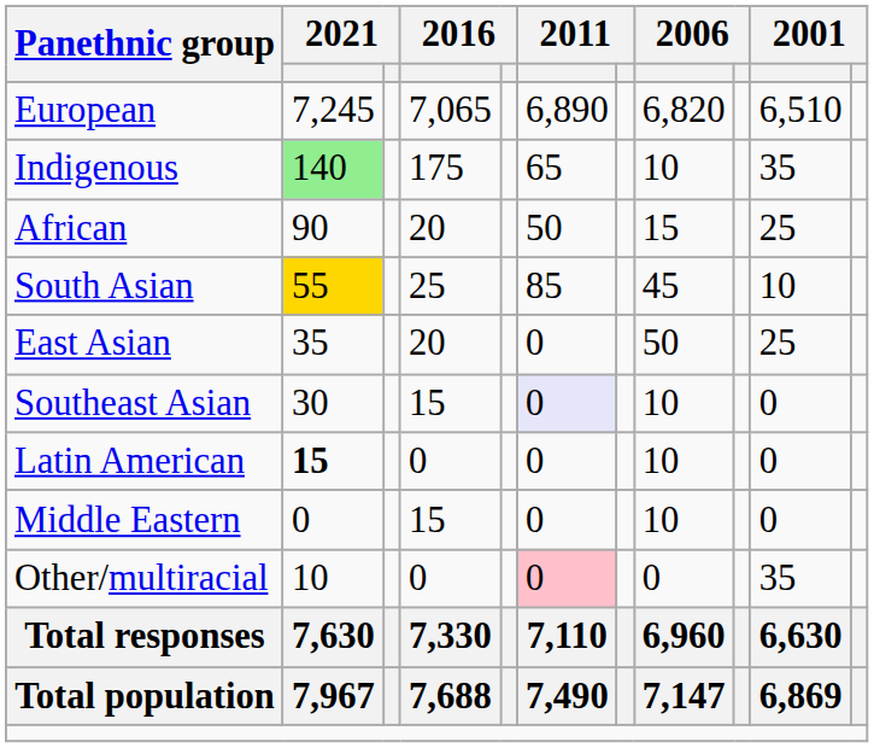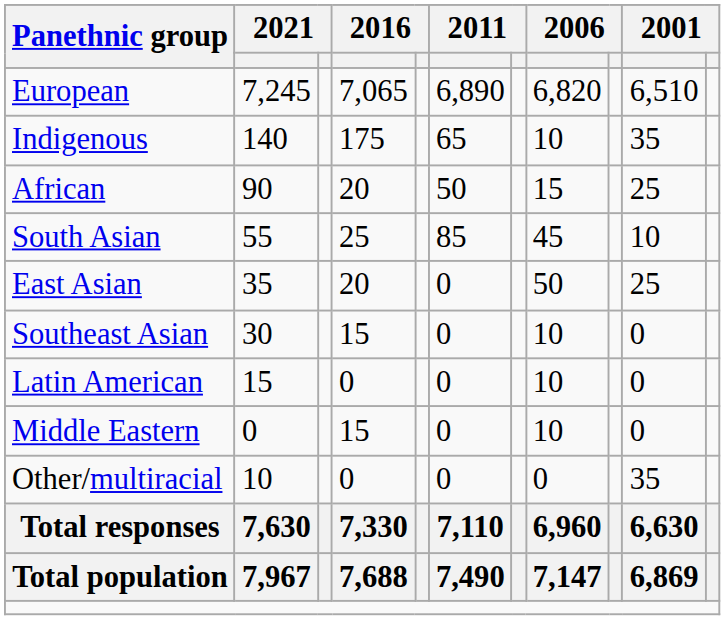 <table class="wikitable collapsible sortable">
 <tr>
 <th rowspan="2"><a href='#'>Panethnic</a> group</th>
 <th colspan="2">2021</th>
 <th colspan="2">2016</th>
 <th colspan="2">2011</th>
 <th colspan="2">2006</th>
 <th colspan="2">2001</th>
 </tr>
 <tr>
 <th><a href='#'></a></th>
 <th></th>
 <th></th>
 <th></th>
 <th></th>
 <th></th>
 <th></th>
 <th></th>
 <th></th>
 <th></th>
 </tr>
 <tr>
 <td><a href='#'>European</a></td>
 <td>7,245</td>
 <td></td>
 <td>7,065</td>
 <td></td>
 <td>6,890</td>
 <td></td>
 <td>6,820</td>
 <td></td>
 <td>6,510</td>
 <td></td>
 </tr>
 <tr>
 <td><a href='#'>Indigenous</a></td>
-<td style="background: lightgreen;">140</td>
+<td>140</td>
 <td></td>
 <td>175</td>
 <td></td>
 <td>65</td>
 <td></td>
 <td>10</td>
 <td></td>
 <td>35</td>
 <td></td>
 </tr>
 <tr>
 <td><a href='#'>African</a></td>
 <td>90</td>
 <td></td>
 <td>20</td>
 <td></td>
 <td>50</td>
 <td></td>
 <td>15</td>
 <td></td>
 <td>25</td>
 <td></td>
 </tr>
 <tr>
 <td><a href='#'>South Asian</a></td>
-<td style="background: gold;">55</td>
+<td>55</td>
 <td></td>
 <td>25</td>
 <td></td>
 <td>85</td>
 <td></td>
 <td>45</td>
 <td></td>
 <td>10</td>
 <td></td>
 </tr>
 <tr>
 <td><a href='#'>East Asian</a></td>
 <td>35</td>
 <td></td>
 <td>20</td>
 <td></td>
 <td>0</td>
 <td></td>
 <td>50</td>
 <td></td>
 <td>25</td>
 <td></td>
 </tr>
 <tr>
 <td><a href='#'>Southeast Asian</a></td>
 <td>30</td>
 <td></td>
 <td>15</td>
 <td></td>
-<td style="background: lavender;">0</td>
+<td>0</td>
 <td></td>
 <td>10</td>
 <td></td>
 <td>0</td>
 <td></td>
 </tr>
 <tr>
 <td><a href='#'>Latin American</a></td>
-<td><strong>15</strong></td>
+<td>15</td>
 <td></td>
 <td>0</td>
 <td></td>
 <td>0</td>
 <td></td>
 <td>10</td>
 <td></td>
 <td>0</td>
 <td></td>
 </tr>
 <tr>
 <td><a href='#'>Middle Eastern</a></td>
 <td>0</td>
 <td></td>
 <td>15</td>
 <td></td>
 <td>0</td>
 <td></td>
 <td>10</td>
 <td></td>
 <td>0</td>
 <td></td>
 </tr>
 <tr>
 <td>Other/<a href='#'>multiracial</a></td>
 <td>10</td>
 <td></td>
 <td>0</td>
 <td></td>
-<td style="background: pink;">0</td>
+<td>0</td>
 <td></td>
 <td>0</td>
 <td></td>
 <td>35</td>
 <td></td>
 </tr>
 <tr>
 <th>Total responses</th>
 <th>7,630</th>
 <th></th>
 <th>7,330</th>
 <th></th>
 <th>7,110</th>
 <th></th>
 <th>6,960</th>
 <th></th>
 <th>6,630</th>
 <th></th>
 </tr>
 <tr class="sortbottom">
 <th>Total population</th>
 <th>7,967</th>
 <th></th>
 <th>7,688</th>
 <th></th>
 <th>7,490</th>
 <th></th>
 <th>7,147</th>
 <th></th>
 <th>6,869</th>
 <th></th>
 </tr>
 <tr class="sortbottom">
 <td colspan="11"></td>
 </tr>
 </table>
